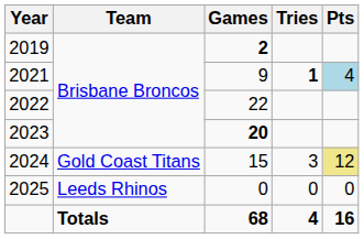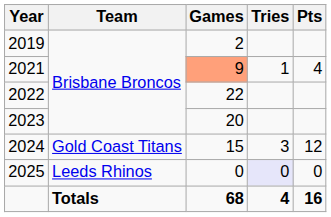 <table class="wikitable">
 <tr>
 <th>Year</th>
 <th>Team</th>
 <th>Games</th>
 <th>Tries</th>
 <th>Pts</th>
 </tr>
 <tr>
 <td align=center>2019</td>
 <td rowspan="4" align=left> <a href='#'>Brisbane Broncos</a></td>
-<td align=right><strong>2</strong></td>
+<td align=right>2</td>
 <td align=right></td>
 <td align=right></td>
 </tr>
 <tr>
 <td align=center>2021</td>
-<td align=right>9</td>
-<td align=right><strong>1</strong></td>
-<td align=right style="background: lightblue;">4</td>
+<td align=right style="background: lightsalmon;">9</td>
+<td align=right>1</td>
+<td align=right>4</td>
 </tr>
 <tr>
 <td align=center>2022</td>
 <td align=right>22</td>
 <td align=right></td>
 <td align=right></td>
 </tr>
 <tr>
 <td align=center>2023</td>
-<td align=right><strong>20</strong></td>
+<td align=right>20</td>
 <td align=right></td>
 <td align=right></td>
 </tr>
 <tr>
 <td align=center>2024</td>
 <td align=left> <a href='#'>Gold Coast Titans</a></td>
 <td align=right>15</td>
 <td align=right>3</td>
-<td align=right style="background: khaki;">12</td>
+<td align=right>12</td>
 </tr>
 <tr>
 <td align=center>2025</td>
 <td align=left><a href='#'>Leeds Rhinos</a></td>
 <td align=right>0</td>
-<td align=right>0</td>
+<td align=right style="background: lavender;">0</td>
 <td align=right>0</td>
 </tr>
 <tr>
 <td></td>
 <td align=left><strong>Totals</strong></td>
 <td align=right><strong>68</strong></td>
 <td align=right><strong>4</strong></td>
 <td align=right><strong>16</strong></td>
 </tr>
 </table>
